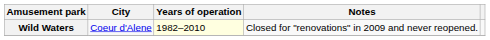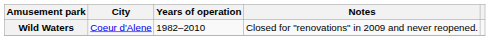 <table class="wikitable plainrowheaders sortable">
 <tr>
 <th scope="col">Amusement park</th>
 <th scope="col">City</th>
 <th scope="col">Years of operation</th>
 <th scope="col" class="unsortable">Notes</th>
 <th scope="col" class="unsortable"></th>
 </tr>
 <tr>
 <th scope="row">Wild Waters</th>
 <td><a href='#'>Coeur d'Alene</a></td>
-<td style="background: lightyellow;">1982–2010</td>
+<td>1982–2010</td>
 <td>Closed for "renovations" in 2009 and never reopened.</td>
 <td style="text-align:center;"></td>
 </tr>
 <tr>
 </tr>
 </table>
